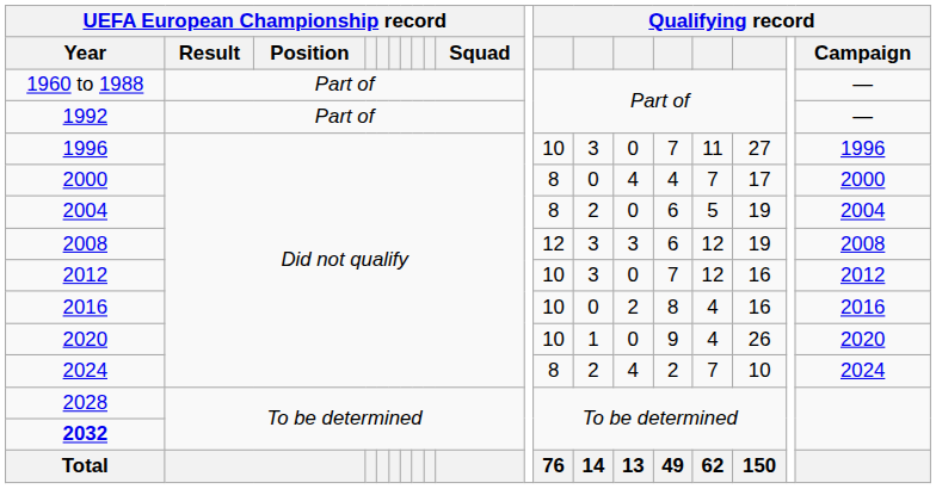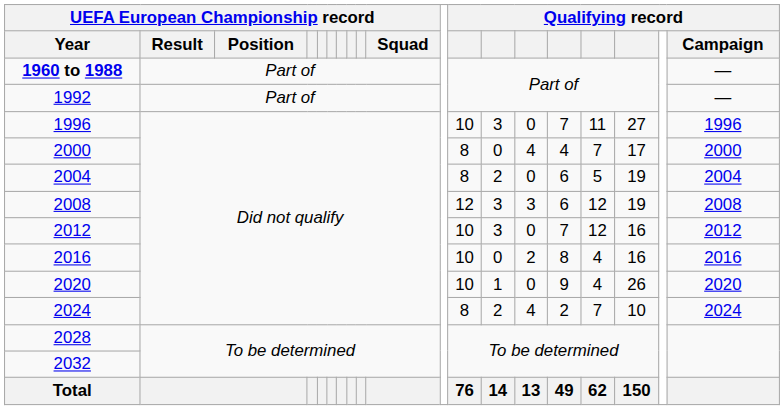 <table class="wikitable" style="text-align: center;">
 <tr>
 <th colspan=10><a href='#'>UEFA European Championship</a> record</th>
 <th style="width:1%;background:white" rowspan=15></th>
 <th colspan=8><a href='#'>Qualifying</a> record</th>
 </tr>
 <tr>
 <th>Year</th>
 <th>Result</th>
 <th>Position</th>
 <th></th>
 <th></th>
 <th></th>
 <th></th>
 <th></th>
 <th></th>
 <th>Squad</th>
 <th></th>
 <th></th>
 <th></th>
 <th></th>
 <th></th>
 <th></th>
 <th style="width:1%;background:white" rowspan=14></th>
 <th colspan="1">Campaign</th>
 </tr>
 <tr>
-<td><a href='#'>1960</a> to <a href='#'>1988</a></td>
+<td><strong><a href='#'>1960</a> to <a href='#'>1988</a></strong></td>
 <td colspan=9><em>Part of </em></td>
 <td colspan=6 rowspan=2><em>Part of </em></td>
 <td rowspan=1>—</td>
 </tr>
 <tr>
 <td><a href='#'>1992</a></td>
 <td colspan=9><em>Part of </em></td>
 <td rowspan=1>—</td>
 </tr>
 <tr>
 <td> <a href='#'>1996</a></td>
 <td colspan=9 rowspan=8><em>Did not qualify</em></td>
 <td>10</td>
 <td>3</td>
 <td>0</td>
 <td>7</td>
 <td>11</td>
 <td>27</td>
 <td><a href='#'>1996</a></td>
 </tr>
 <tr>
 <td>  <a href='#'>2000</a></td>
 <td>8</td>
 <td>0</td>
 <td>4</td>
 <td>4</td>
 <td>7</td>
 <td>17</td>
 <td><a href='#'>2000</a></td>
 </tr>
 <tr>
 <td> <a href='#'>2004</a></td>
 <td>8</td>
 <td>2</td>
 <td>0</td>
 <td>6</td>
 <td>5</td>
 <td>19</td>
 <td><a href='#'>2004</a></td>
 </tr>
 <tr>
 <td>  <a href='#'>2008</a></td>
 <td>12</td>
 <td>3</td>
 <td>3</td>
 <td>6</td>
 <td>12</td>
 <td>19</td>
 <td><a href='#'>2008</a></td>
 </tr>
 <tr>
 <td>  <a href='#'>2012</a></td>
 <td>10</td>
 <td>3</td>
 <td>0</td>
 <td>7</td>
 <td>12</td>
 <td>16</td>
 <td><a href='#'>2012</a></td>
 </tr>
 <tr>
 <td> <a href='#'>2016</a></td>
 <td>10</td>
 <td>0</td>
 <td>2</td>
 <td>8</td>
 <td>4</td>
 <td>16</td>
 <td><a href='#'>2016</a></td>
 </tr>
 <tr>
 <td> <a href='#'>2020</a></td>
 <td>10</td>
 <td>1</td>
 <td>0</td>
 <td>9</td>
 <td>4</td>
 <td>26</td>
 <td><a href='#'>2020</a></td>
 </tr>
 <tr>
 <td> <a href='#'>2024</a></td>
 <td>8</td>
 <td>2</td>
 <td>4</td>
 <td>2</td>
 <td>7</td>
 <td>10</td>
 <td><a href='#'>2024</a></td>
 </tr>
 <tr>
 <td>    <a href='#'>2028</a></td>
 <td colspan=9 rowspan=2><em>To be determined</em></td>
 <td colspan=6 rowspan=2><em>To be determined</em></td>
 <td rowspan=2></td>
 </tr>
 <tr>
-<td><strong>  <a href='#'>2032</a></strong></td>
+<td>  <a href='#'>2032</a></td>
 </tr>
 <tr>
 <th>Total</th>
 <th colspan=2></th>
 <th></th>
 <th></th>
 <th></th>
 <th></th>
 <th></th>
 <th></th>
 <th></th>
 <th>76</th>
 <th>14</th>
 <th>13</th>
 <th>49</th>
 <th>62</th>
 <th>150</th>
 <th></th>
 </tr>
 </table>
